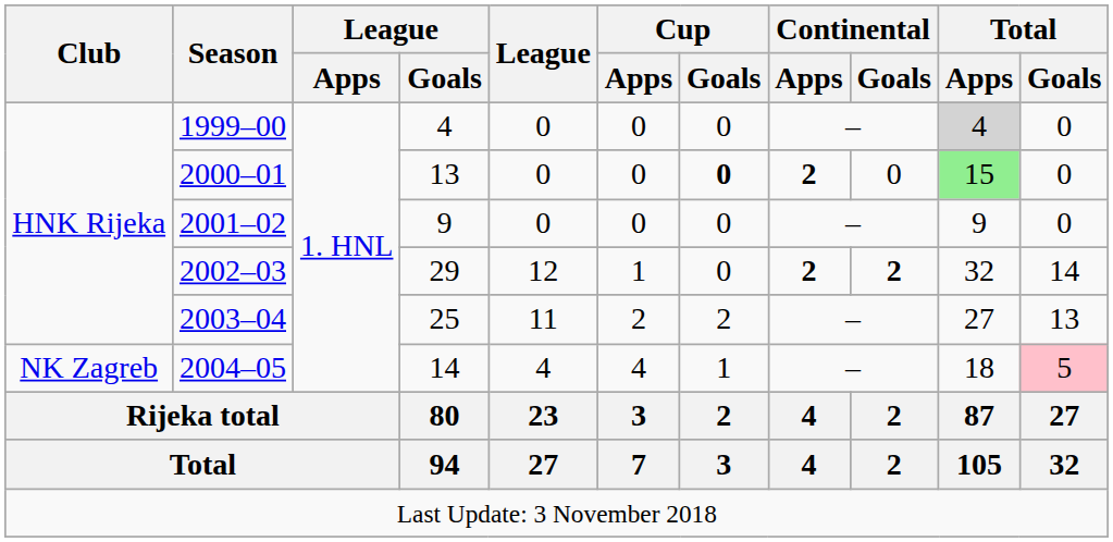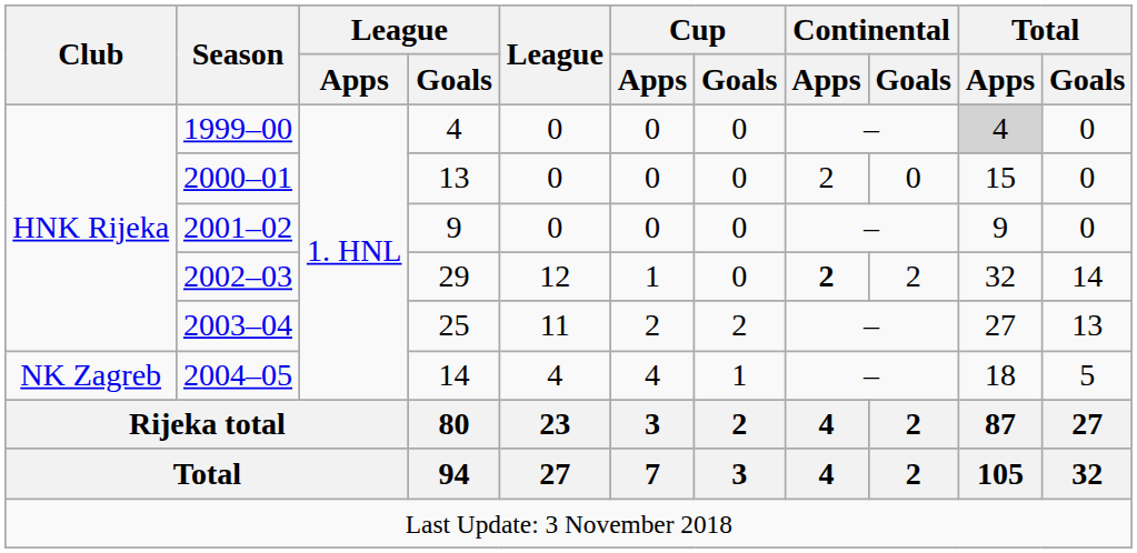 <table class="wikitable" style="font-size:100%; text-align: center">
 <tr>
 <th rowspan="2">Club</th>
 <th rowspan="2">Season</th>
 <th colspan="2">League</th>
 <th rowspan="2">League</th>
 <th colspan="2">Cup</th>
 <th colspan="2">Continental</th>
 <th colspan="2">Total</th>
 </tr>
 <tr>
 <th>Apps</th>
 <th>Goals</th>
 <th>Apps</th>
 <th>Goals</th>
 <th>Apps</th>
 <th>Goals</th>
 <th>Apps</th>
 <th>Goals</th>
 </tr>
 <tr>
 <td rowspan="5" valign="center"><a href='#'>HNK Rijeka</a></td>
 <td><a href='#'>1999–00</a></td>
 <td rowspan="6" valign="center"><a href='#'>1. HNL</a></td>
 <td>4</td>
 <td>0</td>
 <td>0</td>
 <td>0</td>
 <td colspan="2">–</td>
 <td style="background: lightgrey;">4</td>
 <td>0</td>
 </tr>
 <tr>
 <td><a href='#'>2000–01</a></td>
 <td>13</td>
 <td>0</td>
 <td>0</td>
-<td><strong>0</strong></td>
-<td><strong>2</strong></td>
 <td>0</td>
-<td style="background: lightgreen;">15</td>
+<td>2</td>
+<td>0</td>
+<td>15</td>
 <td>0</td>
 </tr>
 <tr>
 <td><a href='#'>2001–02</a></td>
 <td>9</td>
 <td>0</td>
 <td>0</td>
 <td>0</td>
 <td colspan="2">–</td>
 <td>9</td>
 <td>0</td>
 </tr>
 <tr>
 <td><a href='#'>2002–03</a></td>
 <td>29</td>
 <td>12</td>
 <td>1</td>
 <td>0</td>
 <td><strong>2</strong></td>
-<td><strong>2</strong></td>
+<td>2</td>
 <td>32</td>
 <td>14</td>
 </tr>
 <tr>
 <td><a href='#'>2003–04</a></td>
 <td>25</td>
 <td>11</td>
 <td>2</td>
 <td>2</td>
 <td colspan="2">–</td>
 <td>27</td>
 <td>13</td>
 </tr>
 <tr>
 <td rowspan="1" valign="center"><a href='#'>NK Zagreb</a></td>
 <td><a href='#'>2004–05</a></td>
 <td>14</td>
 <td>4</td>
 <td>4</td>
 <td>1</td>
 <td colspan="2">–</td>
 <td>18</td>
-<td style="background: pink;">5</td>
+<td>5</td>
 </tr>
 <tr>
 <th colspan="3" valign="center">Rijeka total</th>
 <th>80</th>
 <th>23</th>
 <th>3</th>
 <th>2</th>
 <th>4</th>
 <th>2</th>
 <th>87</th>
 <th>27</th>
 </tr>
 <tr>
 <th colspan="3">Total</th>
 <th>94</th>
 <th>27</th>
 <th>7</th>
 <th>3</th>
 <th>4</th>
 <th>2</th>
 <th>105</th>
 <th>32</th>
 </tr>
 <tr>
 <td colspan="11"><small>Last Update: 3 November 2018<big></big></small></td>
 </tr>
 </table>
